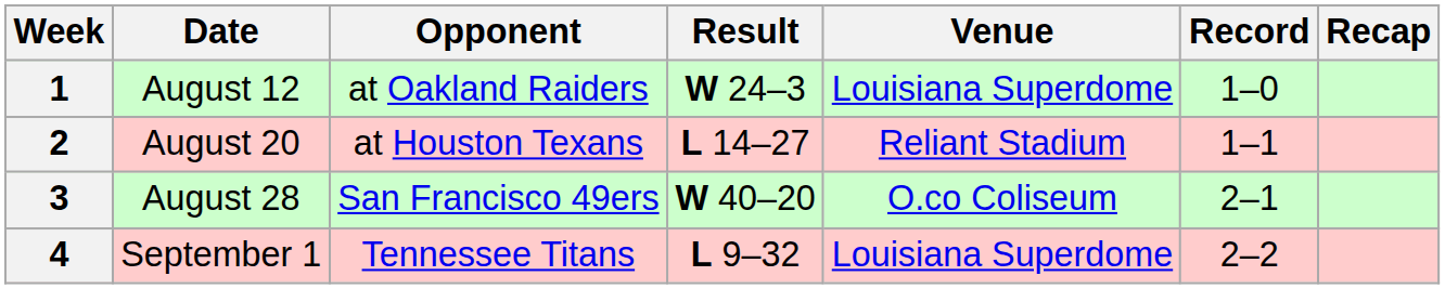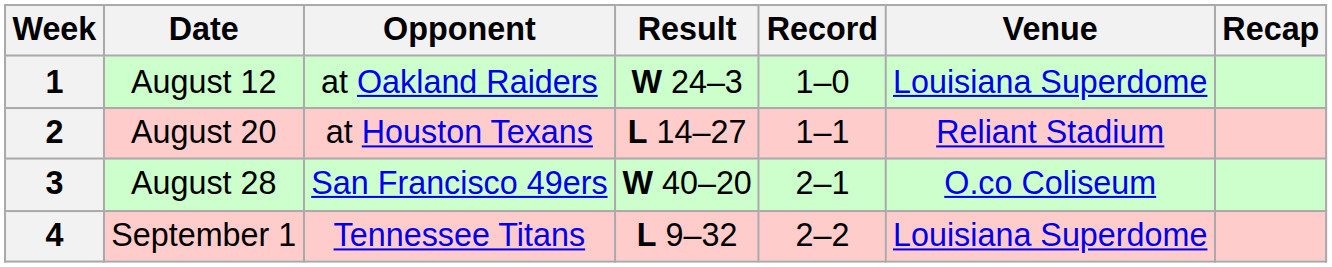 <table class="wikitable" style="text-align:center">
 <tr>
 <th>Week</th>
 <th>Date</th>
 <th>Opponent</th>
 <th>Result</th>
+<th>Record</th>
 <th>Venue</th>
-<th>Record</th>
 <th>Recap</th>
 </tr>
 <tr style="background:#cfc">
 <th>1</th>
 <td>August 12</td>
 <td>at <a href='#'>Oakland Raiders</a></td>
 <td><strong>W</strong> 24–3</td>
+<td>1–0</td>
 <td><a href='#'>Louisiana Superdome</a></td>
-<td>1–0</td>
 <td></td>
 </tr>
 <tr style="background:#fcc">
 <th>2</th>
 <td>August 20</td>
 <td>at <a href='#'>Houston Texans</a></td>
 <td><strong>L</strong> 14–27</td>
+<td>1–1</td>
 <td><a href='#'>Reliant Stadium</a></td>
-<td>1–1</td>
 <td></td>
 </tr>
 <tr style="background:#cfc">
 <th>3</th>
 <td>August 28</td>
 <td><a href='#'>San Francisco 49ers</a></td>
 <td><strong>W</strong> 40–20</td>
+<td>2–1</td>
 <td><a href='#'>O.co Coliseum</a></td>
-<td>2–1</td>
 <td></td>
 </tr>
 <tr style="background:#fcc">
 <th>4</th>
 <td>September 1</td>
 <td><a href='#'>Tennessee Titans</a></td>
 <td><strong>L</strong> 9–32</td>
+<td>2–2</td>
 <td><a href='#'>Louisiana Superdome</a></td>
-<td>2–2</td>
 <td></td>
 </tr>
 </table>
